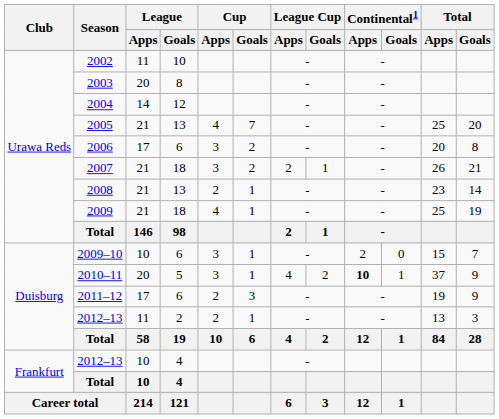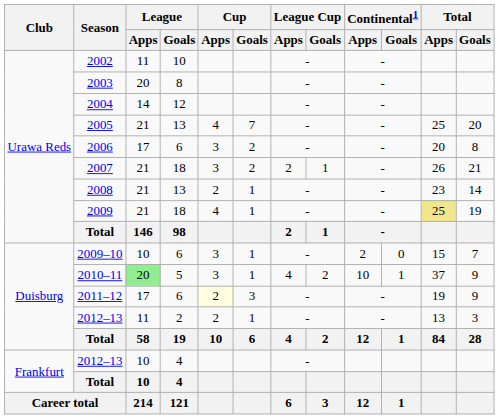 <table class="wikitable" style="font-size:90%; text-align:center;">
 <tr>
 <th rowspan="2">Club</th>
 <th rowspan="2">Season</th>
 <th colspan="2">League</th>
 <th colspan="2">Cup</th>
 <th colspan="2">League Cup</th>
 <th colspan="2">Continental<sup><a href='#'>1</a></sup></th>
 <th colspan="2">Total</th>
 </tr>
 <tr>
 <th>Apps</th>
 <th>Goals</th>
 <th>Apps</th>
 <th>Goals</th>
 <th>Apps</th>
 <th>Goals</th>
 <th>Apps</th>
 <th>Goals</th>
 <th>Apps</th>
 <th>Goals</th>
 </tr>
 <tr>
 <td rowspan="9"><a href='#'>Urawa Reds</a></td>
 <td><a href='#'>2002</a></td>
 <td>11</td>
 <td>10</td>
 <td></td>
 <td></td>
 <td colspan="2">-</td>
 <td colspan="2">-</td>
 <td></td>
 <td></td>
 </tr>
 <tr>
 <td><a href='#'>2003</a></td>
 <td>20</td>
 <td>8</td>
 <td></td>
 <td></td>
 <td colspan="2">-</td>
 <td colspan="2">-</td>
 <td></td>
 <td></td>
 </tr>
 <tr>
 <td><a href='#'>2004</a></td>
 <td>14</td>
 <td>12</td>
 <td></td>
 <td></td>
 <td colspan="2">-</td>
 <td colspan="2">-</td>
 <td></td>
 <td></td>
 </tr>
 <tr>
 <td><a href='#'>2005</a></td>
 <td>21</td>
 <td>13</td>
 <td>4</td>
 <td>7</td>
 <td colspan="2">-</td>
 <td colspan="2">-</td>
 <td>25</td>
 <td>20</td>
 </tr>
 <tr>
 <td><a href='#'>2006</a></td>
 <td>17</td>
 <td>6</td>
 <td>3</td>
 <td>2</td>
 <td colspan="2">-</td>
 <td colspan="2">-</td>
 <td>20</td>
 <td>8</td>
 </tr>
 <tr>
 <td><a href='#'>2007</a></td>
 <td>21</td>
 <td>18</td>
 <td>3</td>
 <td>2</td>
 <td>2</td>
 <td>1</td>
 <td colspan="2">-</td>
 <td>26</td>
 <td>21</td>
 </tr>
 <tr>
 <td><a href='#'>2008</a></td>
 <td>21</td>
 <td>13</td>
 <td>2</td>
 <td>1</td>
 <td colspan="2">-</td>
 <td colspan="2">-</td>
 <td>23</td>
 <td>14</td>
 </tr>
 <tr>
 <td><a href='#'>2009</a></td>
 <td>21</td>
 <td>18</td>
 <td>4</td>
 <td>1</td>
 <td colspan="2">-</td>
 <td colspan="2">-</td>
-<td>25</td>
+<td style="background: khaki;">25</td>
 <td>19</td>
 </tr>
 <tr>
 <th colspan="1">Total</th>
 <th>146</th>
 <th>98</th>
 <th></th>
 <th></th>
 <th>2</th>
 <th>1</th>
 <th colspan="2">-</th>
 <th></th>
 <th></th>
 </tr>
 <tr>
 <td rowspan="5"><a href='#'>Duisburg</a></td>
 <td><a href='#'>2009–10</a></td>
 <td>10</td>
 <td>6</td>
 <td>3</td>
 <td>1</td>
 <td colspan="2">-</td>
 <td>2</td>
 <td>0</td>
 <td>15</td>
 <td>7</td>
 </tr>
 <tr>
 <td><a href='#'>2010–11</a></td>
-<td>20</td>
+<td style="background: lightgreen;">20</td>
 <td>5</td>
 <td>3</td>
 <td>1</td>
 <td>4</td>
 <td>2</td>
-<td><strong>10</strong></td>
+<td>10</td>
 <td>1</td>
 <td>37</td>
 <td>9</td>
 </tr>
 <tr>
 <td><a href='#'>2011–12</a></td>
 <td>17</td>
 <td>6</td>
-<td>2</td>
+<td style="background: lightyellow;">2</td>
 <td>3</td>
 <td colspan="2">-</td>
 <td colspan="2">-</td>
 <td>19</td>
 <td>9</td>
 </tr>
 <tr>
 <td><a href='#'>2012–13</a></td>
 <td>11</td>
 <td>2</td>
 <td>2</td>
 <td>1</td>
 <td colspan="2">-</td>
 <td colspan="2">-</td>
 <td>13</td>
 <td>3</td>
 </tr>
 <tr>
 <th colspan="1">Total</th>
 <th>58</th>
 <th>19</th>
 <th>10</th>
 <th>6</th>
 <th>4</th>
 <th>2</th>
 <th>12</th>
 <th>1</th>
 <th>84</th>
 <th>28</th>
 </tr>
 <tr>
 <td rowspan="2"><a href='#'>Frankfurt</a></td>
 <td><a href='#'>2012–13</a></td>
 <td>10</td>
 <td>4</td>
 <td></td>
 <td></td>
 <td colspan="2">-</td>
 <td></td>
 <td></td>
 <td></td>
 <td></td>
 </tr>
 <tr>
 <th colspan="1">Total</th>
 <th>10</th>
 <th>4</th>
 <th></th>
 <th></th>
 <th></th>
 <th></th>
 <th></th>
 <th></th>
 <th></th>
 <th></th>
 </tr>
 <tr>
 <th colspan="2">Career total</th>
 <th>214</th>
 <th>121</th>
 <th></th>
 <th></th>
 <th>6</th>
 <th>3</th>
 <th>12</th>
 <th>1</th>
 <th></th>
 <th></th>
 </tr>
 </table>
